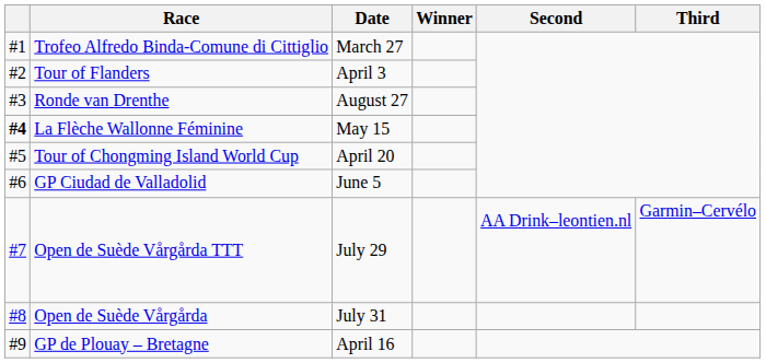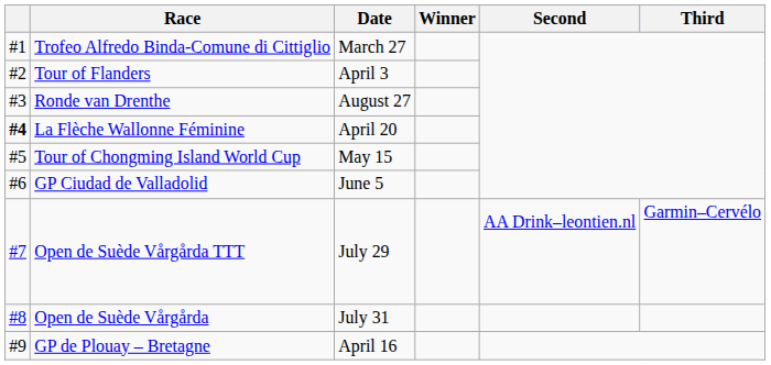 <table class="wikitable sortable">
 <tr style="background:#ccccff;">
 <th></th>
 <th>Race</th>
 <th>Date</th>
 <th>Winner</th>
 <th>Second</th>
 <th>Third</th>
 </tr>
 <tr>
 <td>#1</td>
 <td> <a href='#'>Trofeo Alfredo Binda-Comune di Cittiglio</a></td>
 <td>March 27</td>
 <td></td>
 </tr>
 <tr>
 <td>#2</td>
 <td> <a href='#'>Tour of Flanders</a></td>
 <td>April 3</td>
 <td></td>
 </tr>
 <tr>
 <td>#3</td>
 <td> <a href='#'>Ronde van Drenthe</a></td>
 <td>August 27</td>
 <td></td>
 </tr>
 <tr>
 <td><strong>#4</strong></td>
 <td> <a href='#'>La Flèche Wallonne Féminine</a></td>
-<td>May 15</td>
+<td>April 20</td>
 <td></td>
 </tr>
 <tr>
 <td>#5</td>
 <td> <a href='#'>Tour of Chongming Island World Cup</a></td>
-<td>April 20</td>
+<td>May 15</td>
 <td></td>
 </tr>
 <tr>
 <td>#6</td>
 <td> <a href='#'>GP Ciudad de Valladolid</a></td>
 <td>June 5</td>
 <td></td>
 </tr>
 <tr>
 <td><a href='#'>#7</a></td>
 <td> <a href='#'>Open de Suède Vårgårda TTT</a></td>
 <td>July 29</td>
 <td><br><br><br><br></td>
 <td><a href='#'>AA Drink–leontien.nl</a><br><br><br><br></td>
 <td><a href='#'>Garmin–Cervélo</a><br><br><br><br><br></td>
 </tr>
 <tr>
 <td><a href='#'>#8</a></td>
 <td> <a href='#'>Open de Suède Vårgårda</a></td>
 <td>July 31</td>
 <td></td>
 <td></td>
 <td></td>
 </tr>
 <tr>
 <td>#9</td>
 <td> <a href='#'>GP de Plouay – Bretagne</a></td>
 <td>April 16</td>
 <td></td>
 </tr>
 </table>
